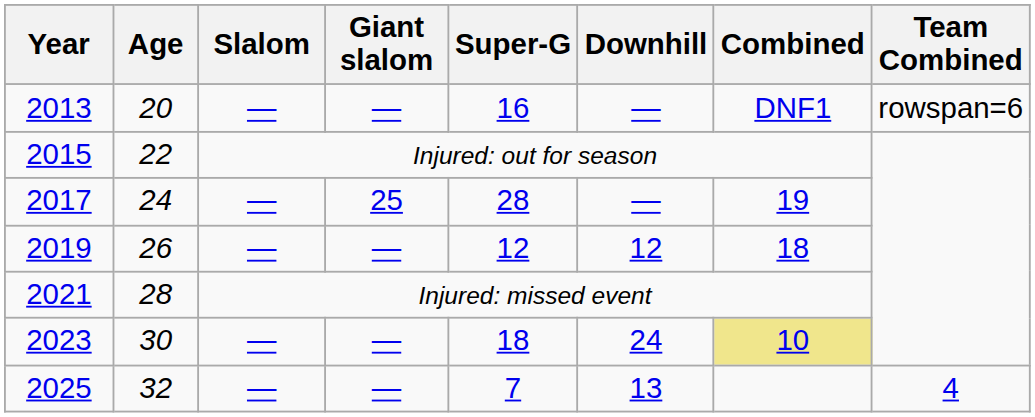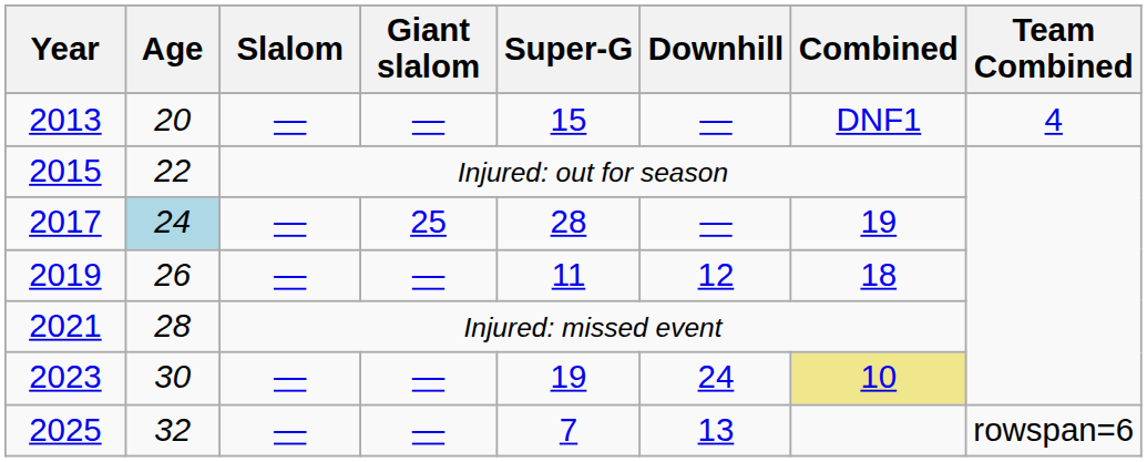 <table class=wikitable style="text-align:center">
 <tr>
 <th>  Year  </th>
 <th> Age </th>
 <th> Slalom </th>
 <th> Giant <br> slalom </th>
 <th>Super-G</th>
 <th>Downhill</th>
 <th>Combined</th>
 <th>Team<br>Combined</th>
 </tr>
 <tr>
 <td><a href='#'>2013</a></td>
 <td><em>20</em></td>
 <td><a href='#'>—</a></td>
 <td><a href='#'>—</a></td>
-<td><a href='#'>16</a></td>
+<td><a href='#'>15</a></td>
 <td><a href='#'>—</a></td>
 <td><a href='#'>DNF1</a></td>
-<td>rowspan=6</td>
+<td><a href='#'>4</a></td>
 </tr>
 <tr>
 <td><a href='#'>2015</a></td>
 <td><em>22</em></td>
 <td colspan=5><small><em>Injured: out for season</em></small></td>
 </tr>
 <tr>
 <td><a href='#'>2017</a></td>
-<td><em>24</em></td>
+<td style="background: lightblue;"><em>24</em></td>
 <td><a href='#'>—</a></td>
 <td><a href='#'>25</a></td>
 <td><a href='#'>28</a></td>
 <td><a href='#'>—</a></td>
 <td><a href='#'>19</a></td>
 </tr>
 <tr>
 <td><a href='#'>2019</a></td>
 <td><em>26</em></td>
 <td><a href='#'>—</a></td>
 <td><a href='#'>—</a></td>
-<td><a href='#'>12</a></td>
+<td><a href='#'>11</a></td>
 <td><a href='#'>12</a></td>
 <td><a href='#'>18</a></td>
 </tr>
 <tr>
 <td><a href='#'>2021</a></td>
 <td><em>28</em></td>
 <td colspan=5><small><em>Injured: missed event</em></small></td>
 </tr>
 <tr>
 <td><a href='#'>2023</a></td>
 <td><em>30</em></td>
 <td><a href='#'>—</a></td>
 <td><a href='#'>—</a></td>
-<td><a href='#'>18</a></td>
+<td><a href='#'>19</a></td>
 <td><a href='#'>24</a></td>
 <td style="background: khaki;"><a href='#'>10</a></td>
 </tr>
 <tr>
 <td><a href='#'>2025</a></td>
 <td><em>32</em></td>
 <td><a href='#'>—</a></td>
 <td><a href='#'>—</a></td>
 <td><a href='#'>7</a></td>
 <td><a href='#'>13</a></td>
 <td></td>
-<td><a href='#'>4</a></td>
+<td>rowspan=6</td>
 </tr>
 </table>
